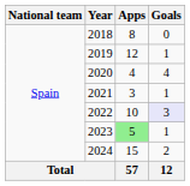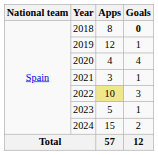 <table class="wikitable" style="text-align:center">
 <tr>
 <th>National team</th>
 <th>Year</th>
 <th>Apps</th>
 <th>Goals</th>
 </tr>
 <tr>
 <td rowspan="7"><a href='#'>Spain</a></td>
 <td>2018</td>
 <td>8</td>
-<td>0</td>
+<td><strong>0</strong></td>
 </tr>
 <tr>
 <td>2019</td>
 <td>12</td>
 <td>1</td>
 </tr>
 <tr>
 <td>2020</td>
 <td>4</td>
 <td>4</td>
 </tr>
 <tr>
 <td>2021</td>
 <td>3</td>
 <td>1</td>
 </tr>
 <tr>
 <td>2022</td>
-<td>10</td>
-<td style="background: lavender;">3</td>
+<td style="background: khaki;">10</td>
+<td>3</td>
 </tr>
 <tr>
 <td>2023</td>
-<td style="background: lightgreen;">5</td>
+<td>5</td>
 <td>1</td>
 </tr>
 <tr>
 <td>2024</td>
 <td>15</td>
 <td>2</td>
 </tr>
 <tr>
 <th colspan="2">Total</th>
 <th>57</th>
 <th>12</th>
 </tr>
 </table>
